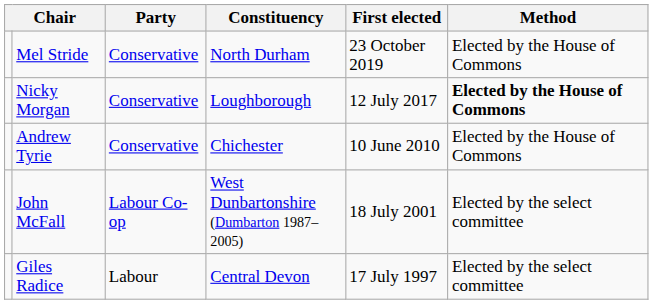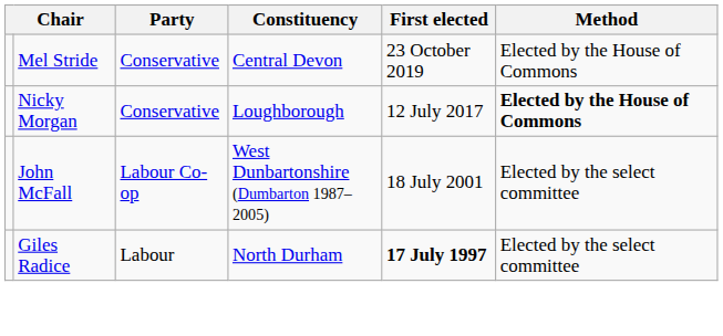 <table class="wikitable">
 <tr>
 <th colspan="2">Chair</th>
 <th>Party</th>
 <th>Constituency</th>
 <th>First elected</th>
 <th>Method</th>
 </tr>
 <tr>
 <td style="color:inherit;background-color: "></td>
 <td><a href='#'>Mel Stride</a></td>
 <td><a href='#'>Conservative</a></td>
-<td><a href='#'>North Durham</a></td>
+<td><a href='#'>Central Devon</a></td>
 <td>23 October 2019</td>
 <td>Elected by the House of Commons</td>
 </tr>
 <tr>
 <td style="color:inherit;background-color: "></td>
 <td><a href='#'>Nicky Morgan</a></td>
 <td><a href='#'>Conservative</a></td>
 <td><a href='#'>Loughborough</a></td>
 <td>12 July 2017</td>
 <td><strong>Elected by the House of Commons</strong></td>
 </tr>
 <tr>
 <td style="color:inherit;background-color: "></td>
-<td><a href='#'>Andrew Tyrie</a></td>
-<td><a href='#'>Conservative</a></td>
-<td><a href='#'>Chichester</a></td>
-<td>10 June 2010</td>
-<td>Elected by the House of Commons</td>
-</tr>
-<tr>
-<td style="color:inherit;background-color: "></td>
 <td><a href='#'>John McFall</a></td>
 <td><a href='#'>Labour Co-op</a></td>
 <td><a href='#'>West Dunbartonshire</a><br><small>(<a href='#'>Dumbarton</a> 1987–2005)</small></td>
 <td>18 July 2001</td>
 <td>Elected by the select committee</td>
 </tr>
 <tr>
 <td style="color:inherit;background-color: "></td>
 <td><a href='#'>Giles Radice</a></td>
 <td>Labour</td>
-<td><a href='#'>Central Devon</a></td>
-<td>17 July 1997</td>
+<td><a href='#'>North Durham</a></td>
+<td><strong>17 July 1997</strong></td>
 <td>Elected by the select committee</td>
 </tr>
 </table>
